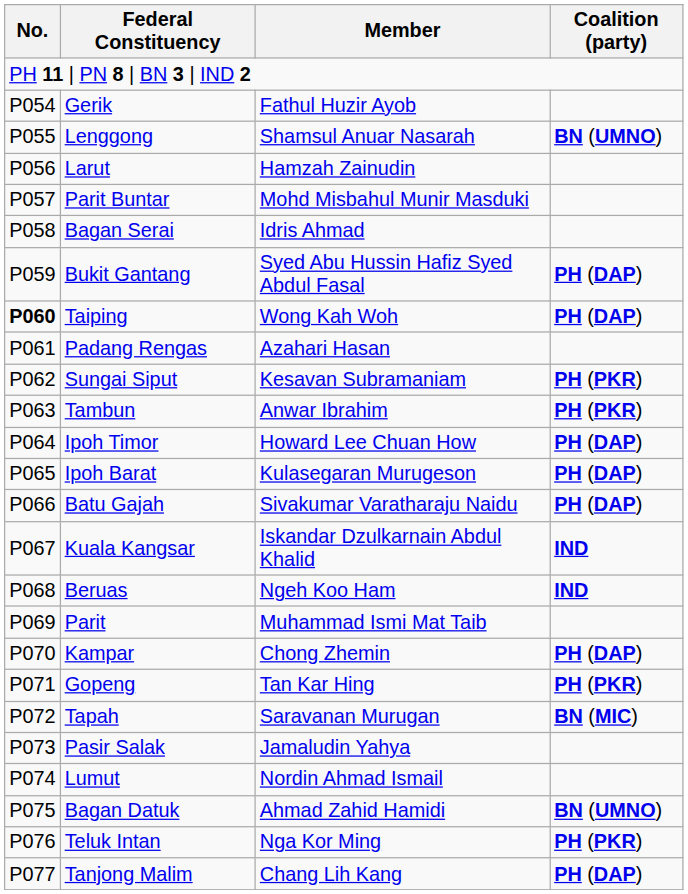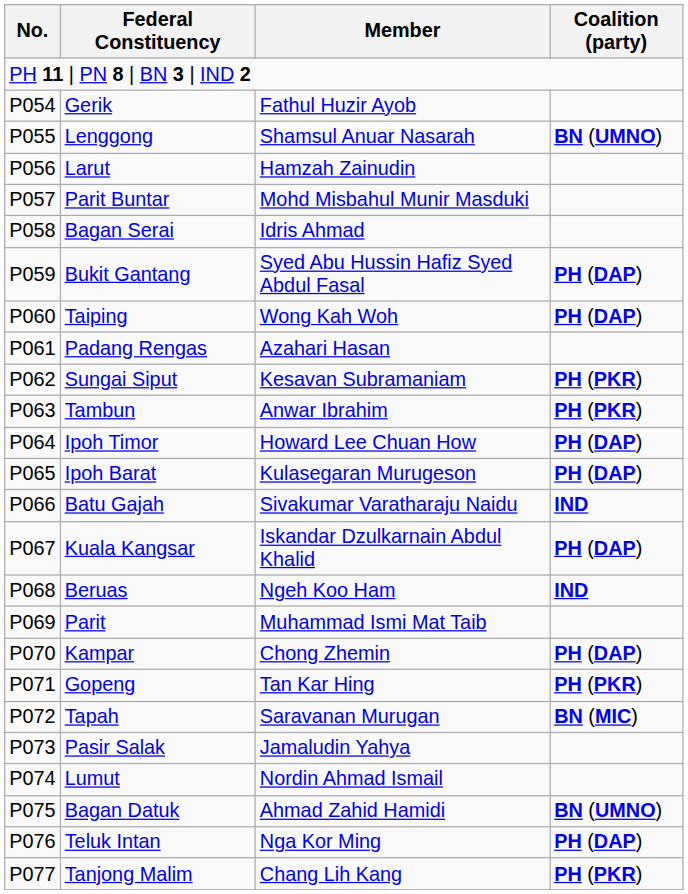 <table class="wikitable sortable">
 <tr>
 <th style="width:30px;">No.</th>
 <th style="width:150px;">Federal Constituency</th>
 <th style="width:230px;">Member</th>
 <th style="width:100px;">Coalition (party)</th>
 </tr>
 <tr>
 <td colspan="4"><a href='#'>PH</a> <strong>11</strong> | <a href='#'>PN</a> <strong>8</strong> | <a href='#'>BN</a> <strong>3</strong> | <a href='#'>IND</a> <strong>2</strong></td>
 </tr>
 <tr>
 <td>P054</td>
 <td><a href='#'>Gerik</a></td>
 <td><a href='#'>Fathul Huzir Ayob</a></td>
 <td></td>
 </tr>
 <tr>
 <td>P055</td>
 <td><a href='#'>Lenggong</a></td>
 <td><a href='#'>Shamsul Anuar Nasarah</a></td>
 <td><strong><a href='#'>BN</a></strong> (<strong><a href='#'>UMNO</a></strong>)</td>
 </tr>
 <tr>
 <td>P056</td>
 <td><a href='#'>Larut</a></td>
 <td><a href='#'>Hamzah Zainudin</a></td>
 <td></td>
 </tr>
 <tr>
 <td>P057</td>
 <td><a href='#'>Parit Buntar</a></td>
 <td><a href='#'>Mohd Misbahul Munir Masduki</a></td>
 <td></td>
 </tr>
 <tr>
 <td>P058</td>
 <td><a href='#'>Bagan Serai</a></td>
 <td><a href='#'>Idris Ahmad</a></td>
 <td></td>
 </tr>
 <tr>
 <td>P059</td>
 <td><a href='#'>Bukit Gantang</a></td>
 <td><a href='#'>Syed Abu Hussin Hafiz Syed Abdul Fasal</a></td>
 <td><strong><a href='#'>PH</a></strong> (<strong><a href='#'>DAP</a></strong>)</td>
 </tr>
 <tr>
-<td><strong>P060</strong></td>
+<td>P060</td>
 <td><a href='#'>Taiping</a></td>
 <td><a href='#'>Wong Kah Woh</a></td>
 <td><strong><a href='#'>PH</a></strong> (<strong><a href='#'>DAP</a></strong>)</td>
 </tr>
 <tr>
 <td>P061</td>
 <td><a href='#'>Padang Rengas</a></td>
 <td><a href='#'>Azahari Hasan</a></td>
 <td></td>
 </tr>
 <tr>
 <td>P062</td>
 <td><a href='#'>Sungai Siput</a></td>
 <td><a href='#'>Kesavan Subramaniam</a></td>
 <td><strong><a href='#'>PH</a></strong> (<strong><a href='#'>PKR</a></strong>)</td>
 </tr>
 <tr>
 <td>P063</td>
 <td><a href='#'>Tambun</a></td>
 <td><a href='#'>Anwar Ibrahim</a></td>
 <td><strong><a href='#'>PH</a></strong> (<strong><a href='#'>PKR</a></strong>)</td>
 </tr>
 <tr>
 <td>P064</td>
 <td><a href='#'>Ipoh Timor</a></td>
 <td><a href='#'>Howard Lee Chuan How</a></td>
 <td><strong><a href='#'>PH</a></strong> (<strong><a href='#'>DAP</a></strong>)</td>
 </tr>
 <tr>
 <td>P065</td>
 <td><a href='#'>Ipoh Barat</a></td>
 <td><a href='#'>Kulasegaran Murugeson</a></td>
 <td><strong><a href='#'>PH</a></strong> (<strong><a href='#'>DAP</a></strong>)</td>
 </tr>
 <tr>
 <td>P066</td>
 <td><a href='#'>Batu Gajah</a></td>
 <td><a href='#'>Sivakumar Varatharaju Naidu</a></td>
-<td><strong><a href='#'>PH</a></strong> (<strong><a href='#'>DAP</a></strong>)</td>
+<td><strong><a href='#'>IND</a></strong></td>
 </tr>
 <tr>
 <td>P067</td>
 <td><a href='#'>Kuala Kangsar</a></td>
 <td><a href='#'>Iskandar Dzulkarnain Abdul Khalid</a></td>
-<td><strong><a href='#'>IND</a></strong></td>
+<td><strong><a href='#'>PH</a></strong> (<strong><a href='#'>DAP</a></strong>)</td>
 </tr>
 <tr>
 <td>P068</td>
 <td><a href='#'>Beruas</a></td>
 <td><a href='#'>Ngeh Koo Ham</a></td>
 <td><strong><a href='#'>IND</a></strong></td>
 </tr>
 <tr>
 <td>P069</td>
 <td><a href='#'>Parit</a></td>
 <td><a href='#'>Muhammad Ismi Mat Taib</a></td>
 <td></td>
 </tr>
 <tr>
 <td>P070</td>
 <td><a href='#'>Kampar</a></td>
 <td><a href='#'>Chong Zhemin</a></td>
 <td><strong><a href='#'>PH</a></strong> (<strong><a href='#'>DAP</a></strong>)</td>
 </tr>
 <tr>
 <td>P071</td>
 <td><a href='#'>Gopeng</a></td>
 <td><a href='#'>Tan Kar Hing</a></td>
 <td><strong><a href='#'>PH</a></strong> (<strong><a href='#'>PKR</a></strong>)</td>
 </tr>
 <tr>
 <td>P072</td>
 <td><a href='#'>Tapah</a></td>
 <td><a href='#'>Saravanan Murugan</a></td>
 <td><strong><a href='#'>BN</a></strong> (<strong><a href='#'>MIC</a></strong>)</td>
 </tr>
 <tr>
 <td>P073</td>
 <td><a href='#'>Pasir Salak</a></td>
 <td><a href='#'>Jamaludin Yahya</a></td>
 <td></td>
 </tr>
 <tr>
 <td>P074</td>
 <td><a href='#'>Lumut</a></td>
 <td><a href='#'>Nordin Ahmad Ismail</a></td>
 <td></td>
 </tr>
 <tr>
 <td>P075</td>
 <td><a href='#'>Bagan Datuk</a></td>
 <td><a href='#'>Ahmad Zahid Hamidi</a></td>
 <td><strong><a href='#'>BN</a></strong> (<strong><a href='#'>UMNO</a></strong>)</td>
 </tr>
 <tr>
 <td>P076</td>
 <td><a href='#'>Teluk Intan</a></td>
 <td><a href='#'>Nga Kor Ming</a></td>
-<td><strong><a href='#'>PH</a></strong> (<strong><a href='#'>PKR</a></strong>)</td>
+<td><strong><a href='#'>PH</a></strong> (<strong><a href='#'>DAP</a></strong>)</td>
 </tr>
 <tr>
 <td>P077</td>
 <td><a href='#'>Tanjong Malim</a></td>
 <td><a href='#'>Chang Lih Kang</a></td>
-<td><strong><a href='#'>PH</a></strong> (<strong><a href='#'>DAP</a></strong>)</td>
+<td><strong><a href='#'>PH</a></strong> (<strong><a href='#'>PKR</a></strong>)</td>
 </tr>
 <tr>
 </tr>
 </table>
